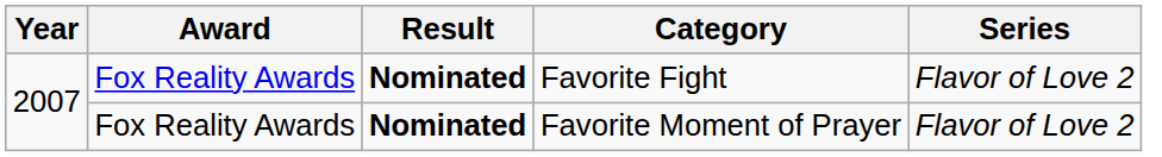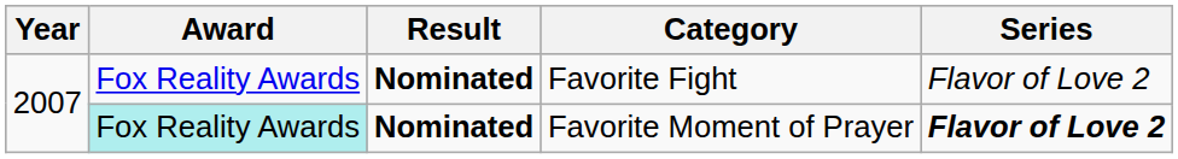 <table class="wikitable">
 <tr>
 <th>Year</th>
 <th>Award</th>
 <th>Result</th>
 <th>Category</th>
 <th>Series</th>
 </tr>
 <tr>
 <td rowspan="2">2007</td>
 <td><a href='#'>Fox Reality Awards</a></td>
 <td><strong>Nominated</strong></td>
 <td>Favorite Fight</td>
 <td><em>Flavor of Love 2</em></td>
 </tr>
 <tr>
-<td>Fox Reality Awards</td>
+<td style="background: paleturquoise;">Fox Reality Awards</td>
 <td><strong>Nominated</strong></td>
 <td>Favorite Moment of Prayer</td>
-<td><em>Flavor of Love 2</em></td>
+<td><strong><em>Flavor of Love 2</em></strong></td>
 </tr>
 </table>
